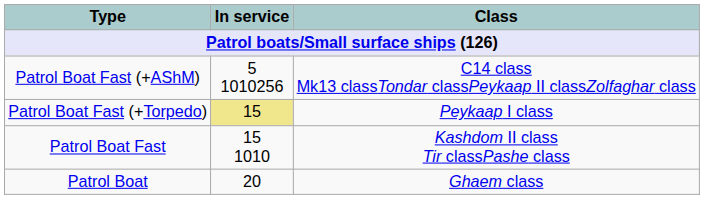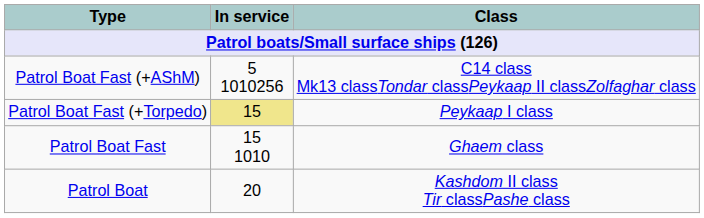 <table class="wikitable" style="text-align: center">
 <tr>
 <th style="text-align:center; background:#acc;">Type</th>
 <th style="text-align: center; background:#acc;">In service</th>
 <th style="text-align:l center; background:#acc;">Class</th>
 </tr>
 <tr>
 <th style="align: center; background: lavender;" colspan="7"><a href='#'>Patrol boats/Small surface ships</a> (126)</th>
 </tr>
 <tr>
 <td><a href='#'>Patrol Boat Fast</a> (+<a href='#'>AShM</a>)</td>
 <td>5<br>1010256</td>
 <td><a href='#'>C14 class</a><br><a href='#'>Mk13 class</a><a href='#'><em>Tondar</em> class</a><a href='#'><em>Peykaap</em> II class</a><a href='#'><em>Zolfaghar</em> class</a></td>
 </tr>
 <tr>
 <td><a href='#'>Patrol Boat Fast</a> (+<a href='#'>Torpedo</a>)</td>
 <td style="background: khaki;">15</td>
 <td><a href='#'><em>Peykaap</em> I class</a></td>
 </tr>
 <tr>
 <td><a href='#'>Patrol Boat Fast</a></td>
 <td>15<br>1010</td>
-<td><a href='#'><em>Kashdom</em> II class</a><br><a href='#'><em>Tir</em> class</a><a href='#'><em>Pashe</em> class</a></td>
+<td><a href='#'><em>Ghaem</em> class</a></td>
 </tr>
 <tr>
 <td><a href='#'>Patrol Boat</a></td>
 <td>20</td>
-<td><a href='#'><em>Ghaem</em> class</a></td>
+<td><a href='#'><em>Kashdom</em> II class</a><br><a href='#'><em>Tir</em> class</a><a href='#'><em>Pashe</em> class</a></td>
 </tr>
 </table>
